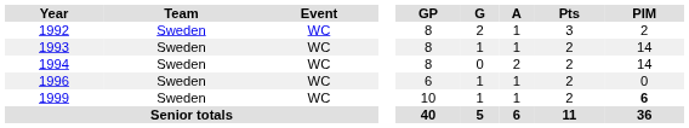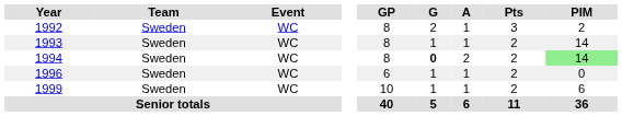 <table border="0" cellpadding="1" cellspacing="0" style="text-align:center; width:50em">
 <tr ALIGN="center" bgcolor="#e0e0e0">
 <th>Year</th>
 <th>Team</th>
 <th>Event</th>
 <th rowspan="99" bgcolor="#ffffff"> </th>
 <th>GP</th>
 <th>G</th>
 <th>A</th>
 <th>Pts</th>
 <th>PIM</th>
 </tr>
 <tr>
 <td><a href='#'>1992</a></td>
 <td><a href='#'>Sweden</a></td>
 <td><a href='#'>WC</a></td>
 <td>8</td>
 <td>2</td>
 <td>1</td>
 <td>3</td>
 <td>2</td>
 </tr>
 <tr bgcolor="#f0f0f0">
 <td><a href='#'>1993</a></td>
 <td>Sweden</td>
 <td>WC</td>
 <td>8</td>
 <td>1</td>
 <td>1</td>
 <td>2</td>
 <td>14</td>
 </tr>
 <tr>
 <td><a href='#'>1994</a></td>
 <td>Sweden</td>
 <td>WC</td>
 <td>8</td>
-<td>0</td>
+<td><strong>0</strong></td>
 <td>2</td>
 <td>2</td>
-<td>14</td>
+<td style="background: lightgreen;">14</td>
 </tr>
 <tr bgcolor="#f0f0f0">
 <td><a href='#'>1996</a></td>
 <td>Sweden</td>
 <td>WC</td>
 <td>6</td>
 <td>1</td>
 <td>1</td>
 <td>2</td>
 <td>0</td>
 </tr>
 <tr>
 <td><a href='#'>1999</a></td>
 <td>Sweden</td>
 <td>WC</td>
 <td>10</td>
 <td>1</td>
 <td>1</td>
 <td>2</td>
-<td><strong>6</strong></td>
+<td>6</td>
 </tr>
 <tr bgcolor="#e0e0e0">
 <th colspan=3>Senior totals</th>
 <th>40</th>
 <th>5</th>
 <th>6</th>
 <th>11</th>
 <th>36</th>
 </tr>
 </table>
